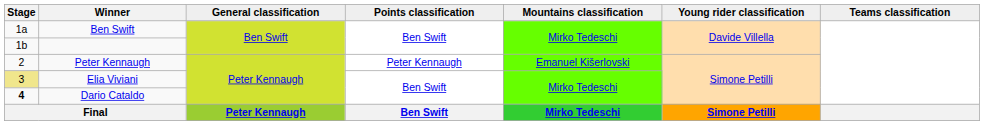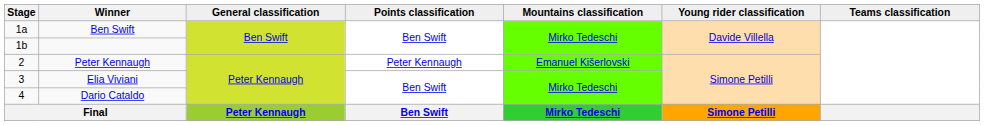 <table class="wikitable" style="text-align: center; font-size:smaller;">
 <tr>
 <th width="1%">Stage</th>
 <th width="14%">Winner</th>
 <th style="background:#EFEFEF;" width="15%">General classification<br></th>
 <th style="background:#EFEFEF;" width="15%">Points classification<br></th>
 <th style="background:#EFEFEF;" width="15%">Mountains classification<br></th>
 <th style="background:#EFEFEF;" width="15%">Young rider classification<br></th>
 <th style="background:#EFEFEF;" width="15%">Teams classification</th>
 </tr>
 <tr>
 <td>1a</td>
 <td><a href='#'>Ben Swift</a></td>
 <td style="background-color:#D1E231;" rowspan=2><a href='#'>Ben Swift</a></td>
 <td style="background-color:white;" rowspan=2><a href='#'>Ben Swift</a></td>
 <td style="background-color:#66FF00;" rowspan=2><a href='#'>Mirko Tedeschi</a></td>
 <td style="background-color:navajowhite;" rowspan=2><a href='#'>Davide Villella</a></td>
 <td style="background-color:white;" rowspan=5></td>
 </tr>
 <tr>
 <td>1b</td>
 <td></td>
 </tr>
 <tr>
 <td>2</td>
 <td><a href='#'>Peter Kennaugh</a></td>
 <td style="background-color:#D1E231;" rowspan=3><a href='#'>Peter Kennaugh</a></td>
 <td style="background-color:white;"><a href='#'>Peter Kennaugh</a></td>
 <td style="background-color:#66FF00;"><a href='#'>Emanuel Kišerlovski</a></td>
 <td style="background-color:navajowhite;" rowspan=3><a href='#'>Simone Petilli</a></td>
 </tr>
 <tr>
-<td style="background: khaki;">3</td>
+<td>3</td>
 <td><a href='#'>Elia Viviani</a></td>
 <td style="background-color:white;" rowspan=2><a href='#'>Ben Swift</a></td>
 <td style="background-color:#66FF00;" rowspan=2><a href='#'>Mirko Tedeschi</a></td>
 </tr>
 <tr>
-<td><strong>4</strong></td>
+<td>4</td>
 <td><a href='#'>Dario Cataldo</a></td>
 </tr>
 <tr>
 <th colspan=2>Final</th>
 <th style="background:#9ACD32;"><a href='#'>Peter Kennaugh</a></th>
 <th style="background-color:offwhite;"><a href='#'>Ben Swift</a></th>
 <th style="background-color:limegreen;"><a href='#'>Mirko Tedeschi</a></th>
 <th style="background-color:orange;"><a href='#'>Simone Petilli</a></th>
 <th style="background-color:offwhite;"></th>
 </tr>
 </table>
